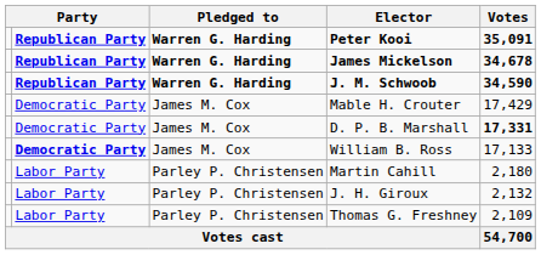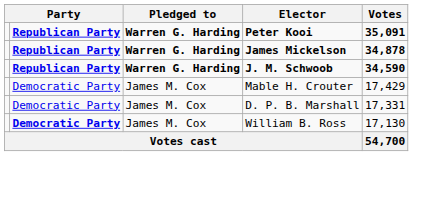 <table class="wikitable">
 <tr>
 <th colspan=2>Party</th>
 <th>Pledged to</th>
 <th>Elector</th>
 <th>Votes</th>
 </tr>
 <tr style="font-weight:bold">
 <td></td>
 <td><a href='#'>Republican Party</a></td>
 <td>Warren G. Harding</td>
 <td>Peter Kooi</td>
 <td align="right">35,091</td>
 </tr>
 <tr style="font-weight:bold">
 <td></td>
 <td><a href='#'>Republican Party</a></td>
 <td>Warren G. Harding</td>
 <td>James Mickelson</td>
-<td align="right">34,678</td>
+<td align="right">34,878</td>
 </tr>
 <tr style="font-weight:bold">
 <td></td>
 <td><a href='#'>Republican Party</a></td>
 <td>Warren G. Harding</td>
 <td>J. M. Schwoob</td>
 <td align="right">34,590</td>
 </tr>
 <tr>
 <td></td>
 <td><a href='#'>Democratic Party</a></td>
 <td>James M. Cox</td>
 <td>Mable H. Crouter</td>
 <td align="right">17,429</td>
 </tr>
 <tr>
 <td></td>
 <td><a href='#'>Democratic Party</a></td>
 <td>James M. Cox</td>
 <td>D. P. B. Marshall</td>
-<td align="right"><strong>17,331</strong></td>
+<td align="right">17,331</td>
 </tr>
 <tr>
 <td></td>
 <td><strong><a href='#'>Democratic Party</a></strong></td>
 <td>James M. Cox</td>
 <td>William B. Ross</td>
-<td align="right">17,133</td>
-</tr>
-<tr>
-<td></td>
-<td><a href='#'>Labor Party</a></td>
-<td>Parley P. Christensen</td>
-<td>Martin Cahill</td>
-<td align="right">2,180</td>
-</tr>
-<tr>
-<td></td>
-<td><a href='#'>Labor Party</a></td>
-<td>Parley P. Christensen</td>
-<td>J. H. Giroux</td>
-<td align="right">2,132</td>
-</tr>
-<tr>
-<td></td>
-<td><a href='#'>Labor Party</a></td>
-<td>Parley P. Christensen</td>
-<td>Thomas G. Freshney</td>
-<td align="right">2,109</td>
+<td align="right">17,130</td>
 </tr>
 <tr>
 <th colspan="4">Votes cast</th>
 <th>54,700</th>
 </tr>
 </table>
